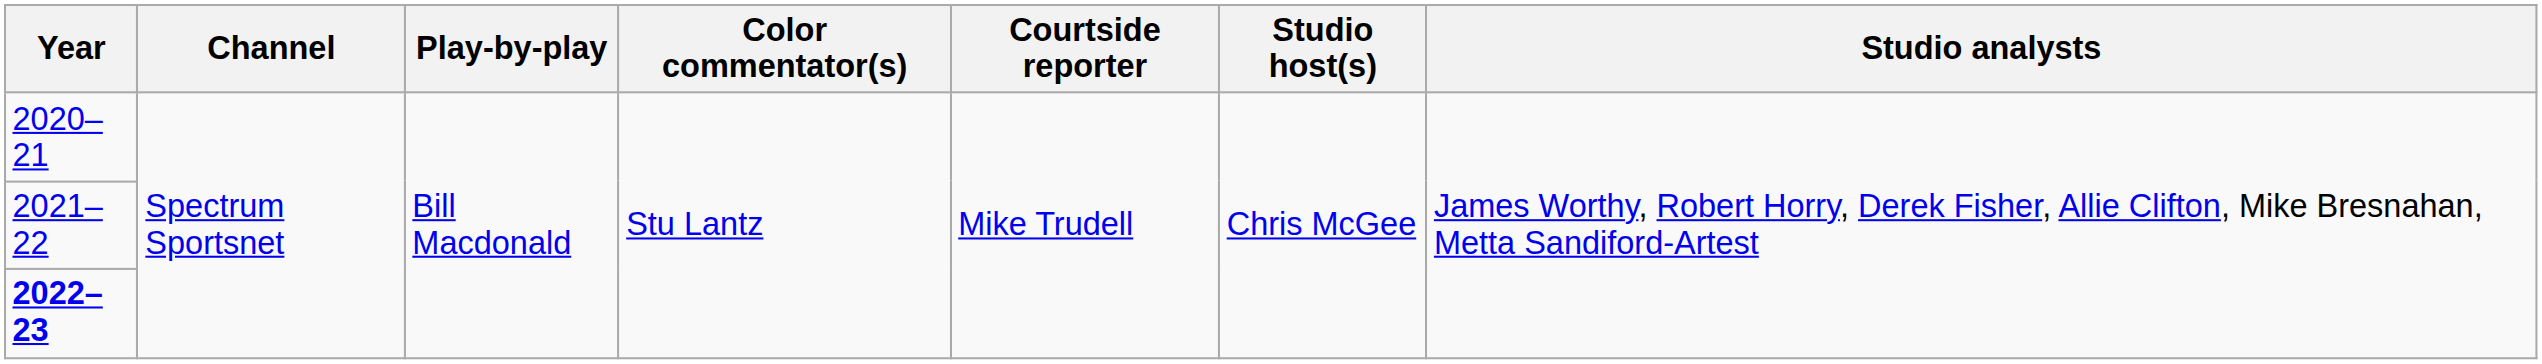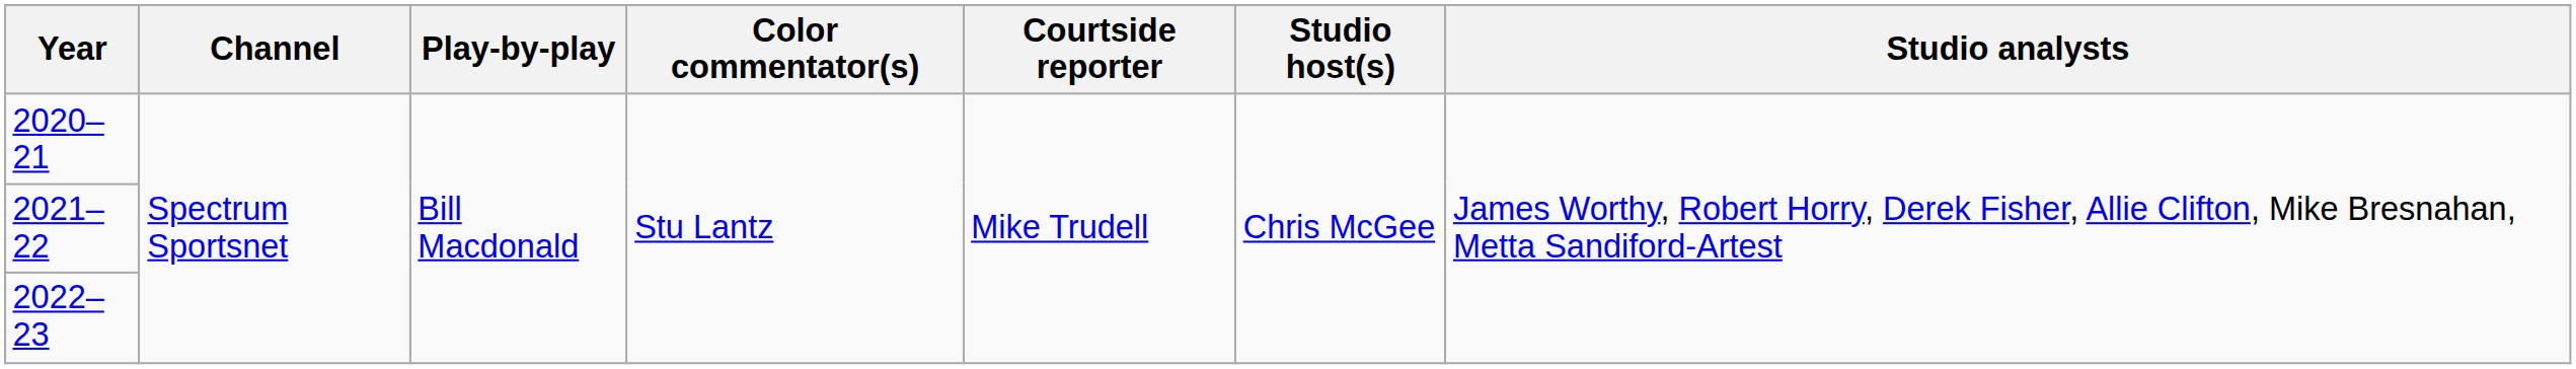 <table class="wikitable">
 <tr>
 <th>Year</th>
 <th>Channel</th>
 <th>Play-by-play</th>
 <th>Color commentator(s)</th>
 <th>Courtside reporter</th>
 <th>Studio host(s)</th>
 <th>Studio analysts</th>
 </tr>
 <tr>
 <td><a href='#'>2020–21</a></td>
 <td rowspan=3><a href='#'>Spectrum Sportsnet</a></td>
 <td rowspan=3><a href='#'>Bill Macdonald</a></td>
 <td rowspan=3><a href='#'>Stu Lantz</a></td>
 <td rowspan=3><a href='#'>Mike Trudell</a></td>
 <td rowspan=3><a href='#'>Chris McGee</a></td>
 <td rowspan=3><a href='#'>James Worthy</a>, <a href='#'>Robert Horry</a>, <a href='#'>Derek Fisher</a>, <a href='#'>Allie Clifton</a>, Mike Bresnahan, <a href='#'>Metta Sandiford-Artest</a></td>
 </tr>
 <tr>
 <td><a href='#'>2021–22</a></td>
 </tr>
 <tr>
-<td><strong><a href='#'>2022–23</a></strong></td>
+<td><a href='#'>2022–23</a></td>
 </tr>
 </table>
